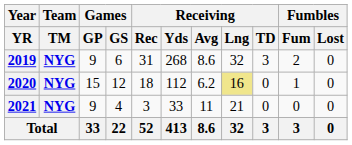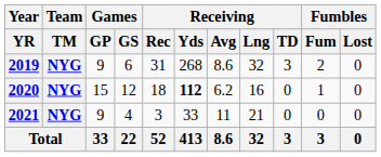 <table class="wikitable" style="text-align:center">
 <tr>
 <th colspan="1">Year</th>
 <th colspan="1">Team</th>
 <th colspan="2">Games</th>
 <th colspan="5">Receiving</th>
 <th colspan="2">Fumbles</th>
 </tr>
 <tr>
 <th>YR</th>
 <th>TM</th>
 <th>GP</th>
 <th>GS</th>
 <th>Rec</th>
 <th>Yds</th>
 <th>Avg</th>
 <th>Lng</th>
 <th>TD</th>
 <th>Fum</th>
 <th>Lost</th>
 </tr>
 <tr>
 <th><a href='#'>2019</a></th>
 <th><a href='#'>NYG</a></th>
 <td>9</td>
 <td>6</td>
 <td>31</td>
 <td>268</td>
 <td>8.6</td>
 <td>32</td>
 <td>3</td>
 <td>2</td>
 <td>0</td>
 </tr>
 <tr>
 <th><a href='#'>2020</a></th>
 <th><a href='#'>NYG</a></th>
 <td>15</td>
 <td>12</td>
 <td>18</td>
-<td>112</td>
+<td><strong>112</strong></td>
 <td>6.2</td>
-<td style="background: khaki;">16</td>
+<td>16</td>
 <td>0</td>
 <td>1</td>
 <td>0</td>
 </tr>
 <tr>
 <th><a href='#'>2021</a></th>
 <th><a href='#'>NYG</a></th>
 <td>9</td>
 <td>4</td>
 <td>3</td>
 <td>33</td>
 <td>11</td>
 <td>21</td>
 <td>0</td>
 <td>0</td>
 <td>0</td>
 </tr>
 <tr>
 <th colspan="2">Total</th>
 <th>33</th>
 <th>22</th>
 <th>52</th>
 <th>413</th>
 <th>8.6</th>
 <th>32</th>
 <th>3</th>
 <th>3</th>
 <th>0</th>
 </tr>
 </table>
